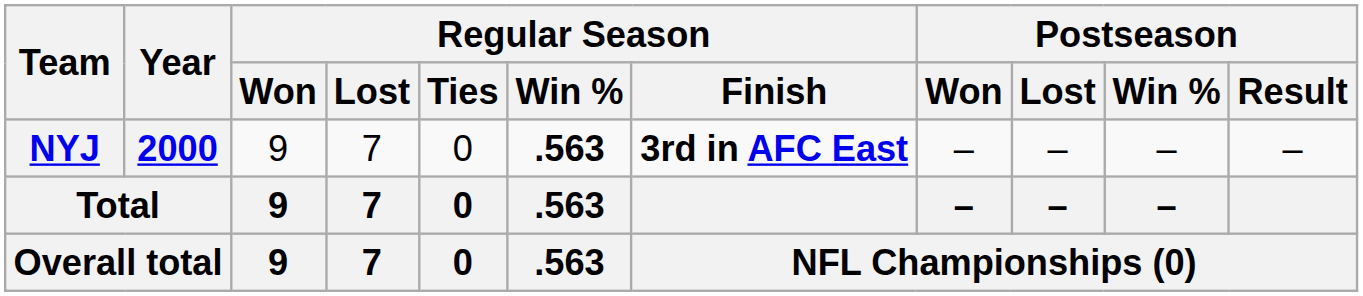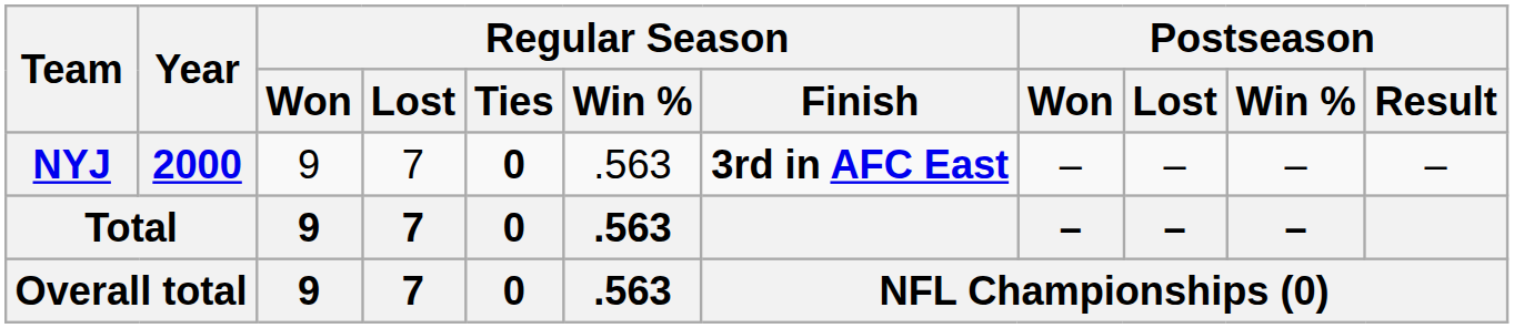 <table class="wikitable" style="font-size: 95%; text-align:center;">
 <tr>
 <th rowspan="2">Team</th>
 <th rowspan="2">Year</th>
 <th colspan="5">Regular Season</th>
 <th colspan="4">Postseason</th>
 </tr>
 <tr>
 <th>Won</th>
 <th>Lost</th>
 <th>Ties</th>
 <th>Win %</th>
 <th>Finish</th>
 <th>Won</th>
 <th>Lost</th>
 <th>Win %</th>
 <th>Result</th>
 </tr>
 <tr>
 <th><a href='#'>NYJ</a></th>
 <th><a href='#'>2000</a></th>
 <td>9</td>
 <td>7</td>
-<td>0</td>
-<td><strong>.563</strong></td>
+<td><strong>0</strong></td>
+<td>.563</td>
 <td><strong>3rd in <a href='#'>AFC East</a></strong></td>
 <td>–</td>
 <td>–</td>
 <td>–</td>
 <td>–</td>
 </tr>
 <tr>
 <th colspan="2">Total</th>
 <th>9</th>
 <th>7</th>
 <th>0</th>
 <th>.563</th>
 <th></th>
 <th>–</th>
 <th>–</th>
 <th>–</th>
 <th></th>
 </tr>
 <tr>
 <th colspan="2">Overall total</th>
 <th>9</th>
 <th>7</th>
 <th>0</th>
 <th>.563</th>
 <th colspan="5">NFL Championships (0)</th>
 </tr>
 </table>
